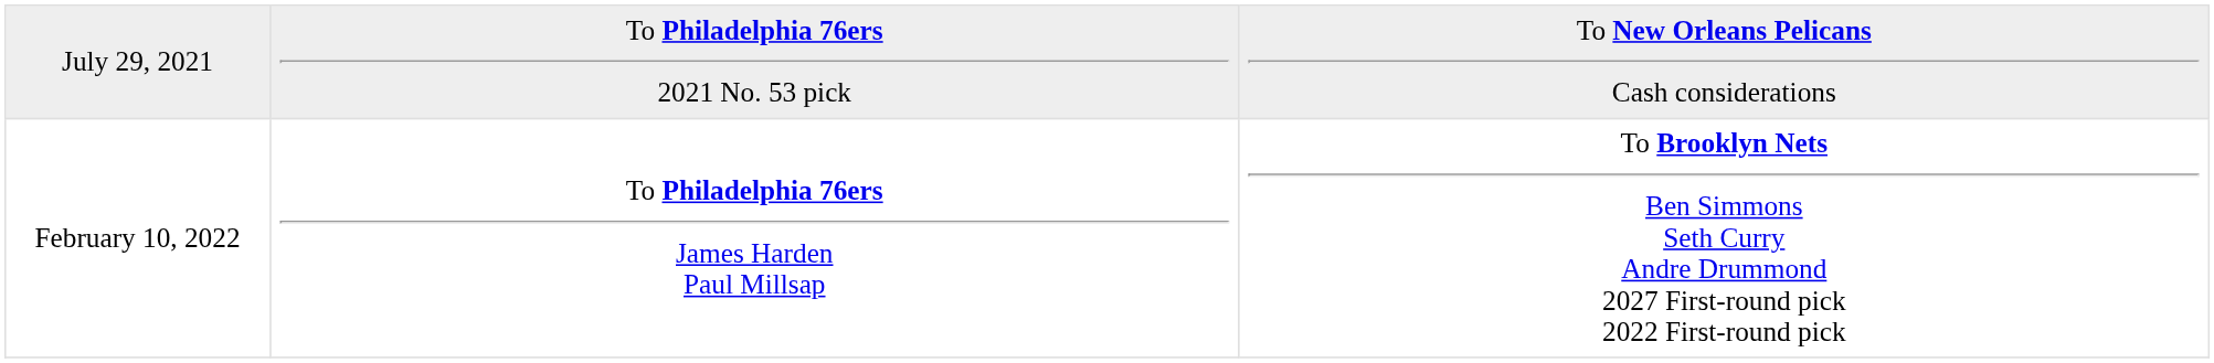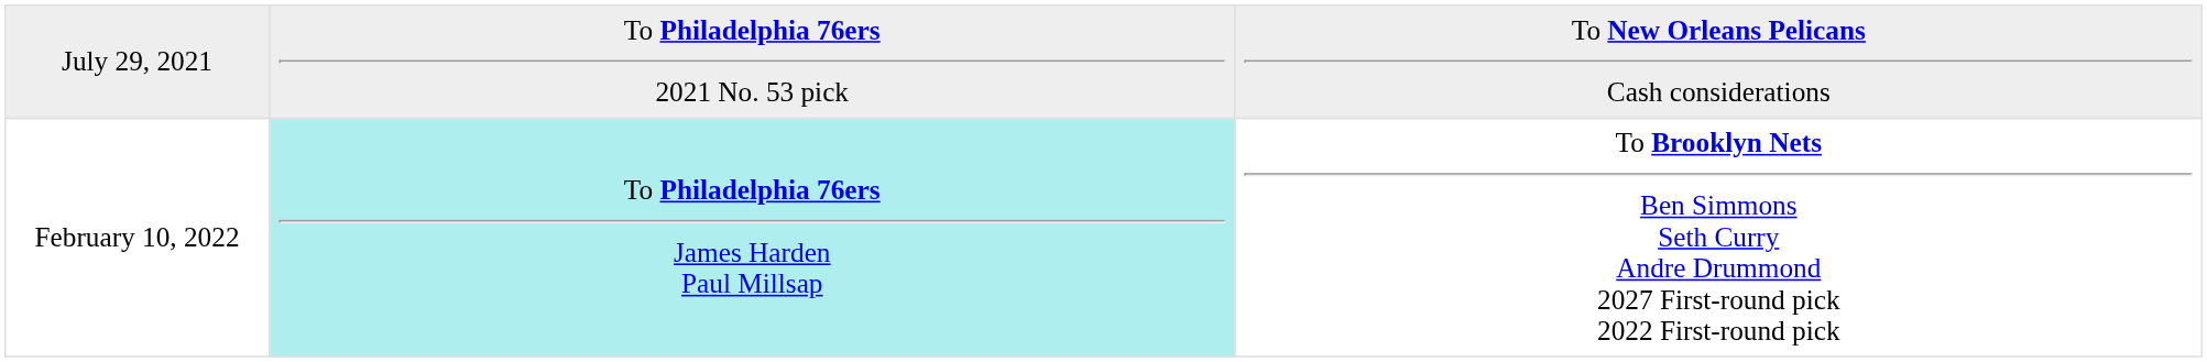 <table border=1 style="border-collapse:collapse; text-align: center; width: 100%" bordercolor="#DFDFDF"  cellpadding="5">
 <tr style="background:#eee;">
 <td style="width:12%">July 29, 2021</td>
 <td style="width:44%; vertical-align:top;">To <strong><a href='#'>Philadelphia 76ers</a></strong><hr>2021 No. 53 pick</td>
 <td style="width:44%; vertical-align:top;">To <strong><a href='#'>New Orleans Pelicans</a></strong><hr>Cash considerations</td>
 </tr>
 <tr>
 <td>February 10, 2022</td>
-<td>To <strong><a href='#'>Philadelphia 76ers</a></strong><hr><a href='#'>James Harden</a><br><a href='#'>Paul Millsap</a></td>
+<td style="background: paleturquoise;">To <strong><a href='#'>Philadelphia 76ers</a></strong><hr><a href='#'>James Harden</a><br><a href='#'>Paul Millsap</a></td>
 <td>To <strong><a href='#'>Brooklyn Nets</a></strong><hr><a href='#'>Ben Simmons</a><br><a href='#'>Seth Curry</a><br><a href='#'>Andre Drummond</a><br>2027 First-round pick<br>2022 First-round pick</td>
 </tr>
 </table>
